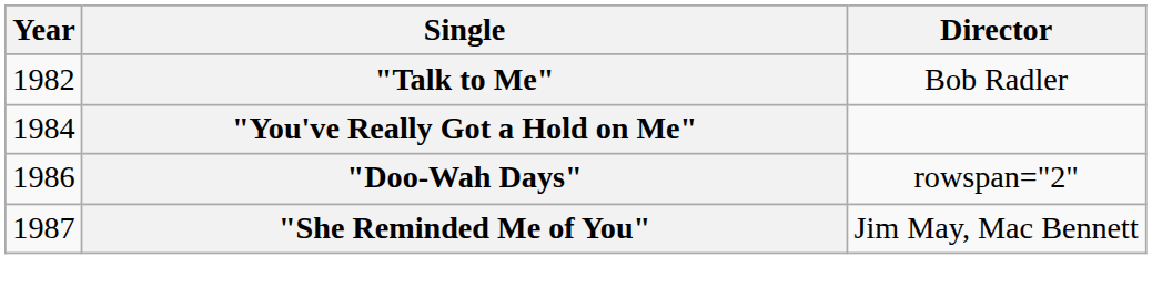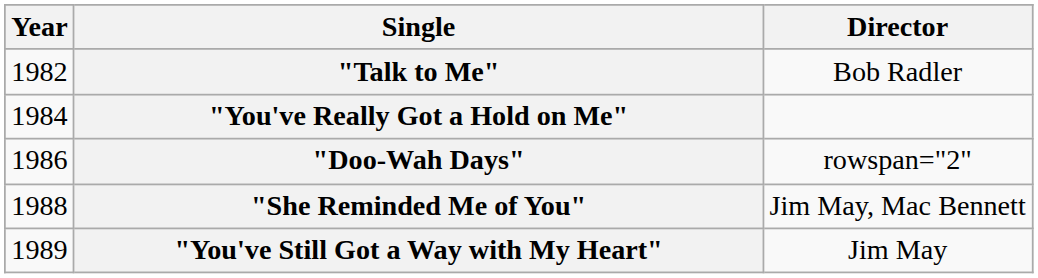 <table class="wikitable plainrowheaders" style="text-align:center;">
 <tr>
 <th>Year</th>
 <th style="width:24em;">Single</th>
 <th>Director</th>
 </tr>
 <tr>
 <td>1982</td>
 <th scope="row">"Talk to Me"</th>
 <td>Bob Radler</td>
 </tr>
 <tr>
 <td>1984</td>
 <th scope="row">"You've Really Got a Hold on Me"</th>
 </tr>
 <tr>
 <td>1986</td>
 <th scope="row">"Doo-Wah Days"</th>
 <td>rowspan="2" </td>
 </tr>
 <tr>
-<td>1987</td>
+<td>1988</td>
 <th scope="row">"She Reminded Me of You"</th>
 <td>Jim May, Mac Bennett</td>
 </tr>
+<tr>
+<td>1989</td>
+<th scope="row">"You've Still Got a Way with My Heart"</th>
+<td>Jim May</td>
+</tr>
 </table>
